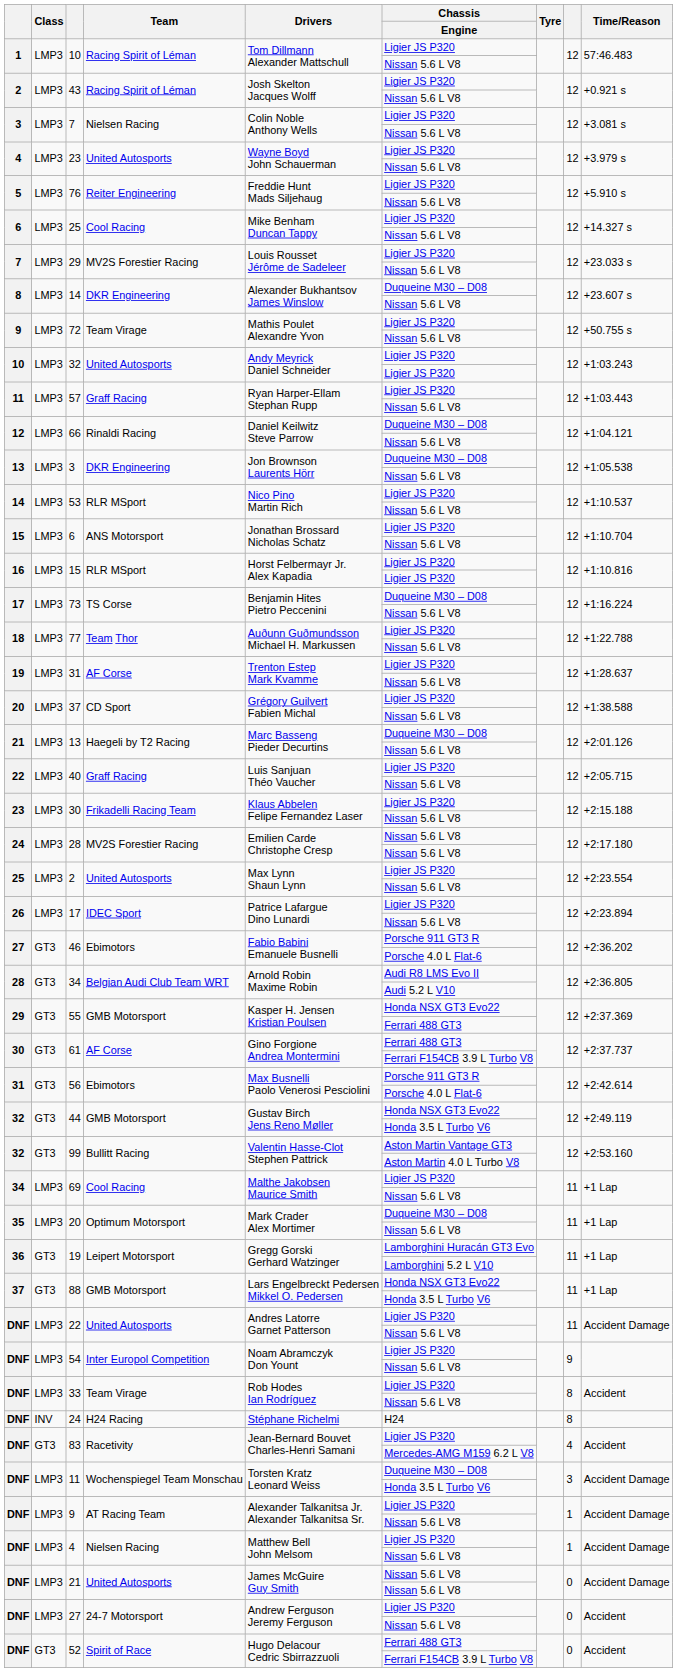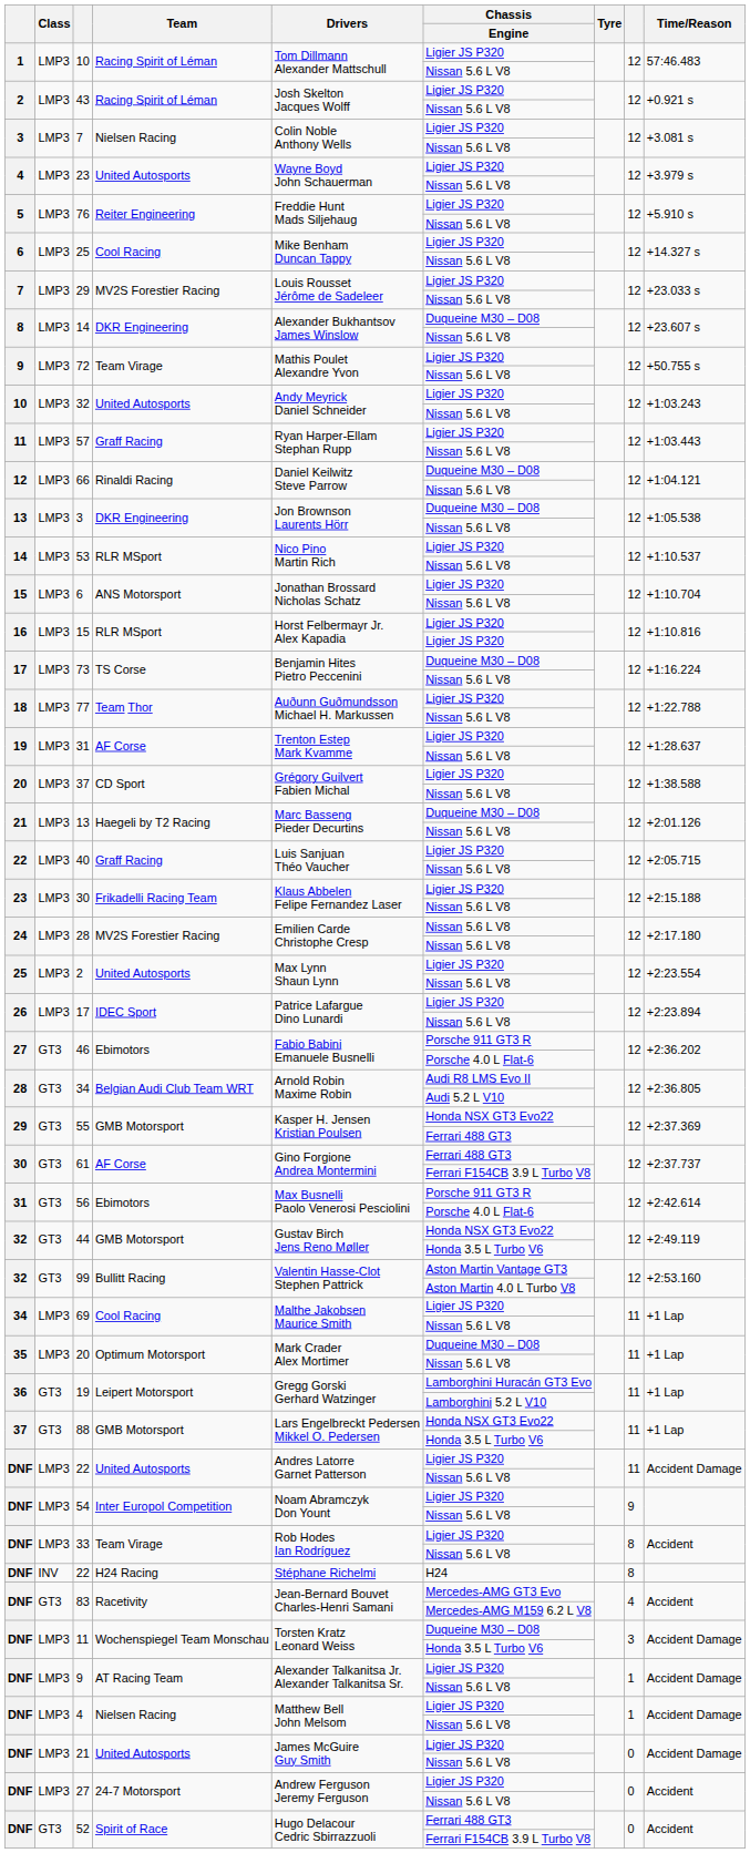 <table class="wikitable" style="font-size: 85%;">
 <tr>
 <th rowspan="2"></th>
 <th rowspan="2">Class</th>
 <th rowspan="2"></th>
 <th rowspan="2">Team</th>
 <th rowspan="2">Drivers</th>
 <th scope="col">Chassis</th>
 <th rowspan="2">Tyre</th>
 <th rowspan="2"></th>
 <th rowspan="2">Time/Reason</th>
 </tr>
 <tr>
 <th scope="col">Engine</th>
 </tr>
 <tr>
 <th rowspan="2">1</th>
 <td rowspan="2">LMP3</td>
 <td rowspan="2">10</td>
 <td rowspan="2"> <a href='#'>Racing Spirit of Léman</a></td>
 <td rowspan="2"> <a href='#'>Tom Dillmann</a><br> Alexander Mattschull</td>
 <td><a href='#'>Ligier JS P320</a></td>
 <td rowspan="2"></td>
 <td rowspan="2">12</td>
 <td rowspan="2">57:46.483</td>
 </tr>
 <tr>
 <td><a href='#'>Nissan</a> 5.6 L V8</td>
 </tr>
 <tr>
 <th rowspan="2">2</th>
 <td rowspan="2">LMP3</td>
 <td rowspan="2">43</td>
 <td rowspan="2"> <a href='#'>Racing Spirit of Léman</a></td>
 <td rowspan="2"> Josh Skelton<br> Jacques Wolff</td>
 <td><a href='#'>Ligier JS P320</a></td>
 <td rowspan="2"></td>
 <td rowspan="2">12</td>
 <td rowspan="2">+0.921 s</td>
 </tr>
 <tr>
 <td><a href='#'>Nissan</a> 5.6 L V8</td>
 </tr>
 <tr>
 <th rowspan="2">3</th>
 <td rowspan="2">LMP3</td>
 <td rowspan="2">7</td>
 <td rowspan="2"> Nielsen Racing</td>
 <td rowspan="2"> Colin Noble<br> Anthony Wells</td>
 <td><a href='#'>Ligier JS P320</a></td>
 <td rowspan="2"></td>
 <td rowspan="2">12</td>
 <td rowspan="2">+3.081 s</td>
 </tr>
 <tr>
 <td><a href='#'>Nissan</a> 5.6 L V8</td>
 </tr>
 <tr>
 <th rowspan="2">4</th>
 <td rowspan="2">LMP3</td>
 <td rowspan="2">23</td>
 <td rowspan="2"> <a href='#'>United Autosports</a></td>
 <td rowspan="2"> <a href='#'>Wayne Boyd</a><br> John Schauerman</td>
 <td><a href='#'>Ligier JS P320</a></td>
 <td rowspan="2"></td>
 <td rowspan="2">12</td>
 <td rowspan="2">+3.979 s</td>
 </tr>
 <tr>
 <td><a href='#'>Nissan</a> 5.6 L V8</td>
 </tr>
 <tr>
 <th rowspan="2">5</th>
 <td rowspan="2">LMP3</td>
 <td rowspan="2">76</td>
 <td rowspan="2"> <a href='#'>Reiter Engineering</a></td>
 <td rowspan="2"> Freddie Hunt<br> Mads Siljehaug</td>
 <td><a href='#'>Ligier JS P320</a></td>
 <td rowspan="2"></td>
 <td rowspan="2">12</td>
 <td rowspan="2">+5.910 s</td>
 </tr>
 <tr>
 <td><a href='#'>Nissan</a> 5.6 L V8</td>
 </tr>
 <tr>
 <th rowspan="2">6</th>
 <td rowspan="2">LMP3</td>
 <td rowspan="2">25</td>
 <td rowspan="2"> <a href='#'>Cool Racing</a></td>
 <td rowspan="2"> Mike Benham<br> <a href='#'>Duncan Tappy</a></td>
 <td><a href='#'>Ligier JS P320</a></td>
 <td rowspan="2"></td>
 <td rowspan="2">12</td>
 <td rowspan="2">+14.327 s</td>
 </tr>
 <tr>
 <td><a href='#'>Nissan</a> 5.6 L V8</td>
 </tr>
 <tr>
 <th rowspan="2">7</th>
 <td rowspan="2">LMP3</td>
 <td rowspan="2">29</td>
 <td rowspan="2"> MV2S Forestier Racing</td>
 <td rowspan="2"> Louis Rousset<br> <a href='#'>Jérôme de Sadeleer</a></td>
 <td><a href='#'>Ligier JS P320</a></td>
 <td rowspan="2"></td>
 <td rowspan="2">12</td>
 <td rowspan="2">+23.033 s</td>
 </tr>
 <tr>
 <td><a href='#'>Nissan</a> 5.6 L V8</td>
 </tr>
 <tr>
 <th rowspan="2">8</th>
 <td rowspan="2">LMP3</td>
 <td rowspan="2">14</td>
 <td rowspan="2"> <a href='#'>DKR Engineering</a></td>
 <td rowspan="2"> Alexander Bukhantsov<br> <a href='#'>James Winslow</a></td>
 <td><a href='#'>Duqueine M30 – D08</a></td>
 <td rowspan="2"></td>
 <td rowspan="2">12</td>
 <td rowspan="2">+23.607 s</td>
 </tr>
 <tr>
 <td><a href='#'>Nissan</a> 5.6 L V8</td>
 </tr>
 <tr>
 <th rowspan="2">9</th>
 <td rowspan="2">LMP3</td>
 <td rowspan="2">72</td>
 <td rowspan="2"> Team Virage</td>
 <td rowspan="2"> Mathis Poulet<br> Alexandre Yvon</td>
 <td><a href='#'>Ligier JS P320</a></td>
 <td rowspan="2"></td>
 <td rowspan="2">12</td>
 <td rowspan="2">+50.755 s</td>
 </tr>
 <tr>
 <td><a href='#'>Nissan</a> 5.6 L V8</td>
 </tr>
 <tr>
 <th rowspan="2">10</th>
 <td rowspan="2">LMP3</td>
 <td rowspan="2">32</td>
 <td rowspan="2"> <a href='#'>United Autosports</a></td>
 <td rowspan="2"> <a href='#'>Andy Meyrick</a><br> Daniel Schneider</td>
 <td><a href='#'>Ligier JS P320</a></td>
 <td rowspan="2"></td>
 <td rowspan="2">12</td>
 <td rowspan="2">+1:03.243</td>
 </tr>
 <tr>
-<td><a href='#'>Ligier JS P320</a></td>
+<td><a href='#'>Nissan</a> 5.6 L V8</td>
 </tr>
 <tr>
 <th rowspan="2">11</th>
 <td rowspan="2">LMP3</td>
 <td rowspan="2">57</td>
 <td rowspan="2"> <a href='#'>Graff Racing</a></td>
 <td rowspan="2"> Ryan Harper-Ellam<br> Stephan Rupp</td>
 <td><a href='#'>Ligier JS P320</a></td>
 <td rowspan="2"></td>
 <td rowspan="2">12</td>
 <td rowspan="2">+1:03.443</td>
 </tr>
 <tr>
 <td><a href='#'>Nissan</a> 5.6 L V8</td>
 </tr>
 <tr>
 <th rowspan="2">12</th>
 <td rowspan="2">LMP3</td>
 <td rowspan="2">66</td>
 <td rowspan="2"> Rinaldi Racing</td>
 <td rowspan="2"> Daniel Keilwitz<br> Steve Parrow</td>
 <td><a href='#'>Duqueine M30 – D08</a></td>
 <td rowspan="2"></td>
 <td rowspan="2">12</td>
 <td rowspan="2">+1:04.121</td>
 </tr>
 <tr>
 <td><a href='#'>Nissan</a> 5.6 L V8</td>
 </tr>
 <tr>
 <th rowspan="2">13</th>
 <td rowspan="2">LMP3</td>
 <td rowspan="2">3</td>
 <td rowspan="2"> <a href='#'>DKR Engineering</a></td>
 <td rowspan="2"> Jon Brownson<br> <a href='#'>Laurents Hörr</a></td>
 <td><a href='#'>Duqueine M30 – D08</a></td>
 <td rowspan="2"></td>
 <td rowspan="2">12</td>
 <td rowspan="2">+1:05.538</td>
 </tr>
 <tr>
 <td><a href='#'>Nissan</a> 5.6 L V8</td>
 </tr>
 <tr>
 <th rowspan="2">14</th>
 <td rowspan="2">LMP3</td>
 <td rowspan="2">53</td>
 <td rowspan="2"> RLR MSport</td>
 <td rowspan="2"> <a href='#'>Nico Pino</a><br> Martin Rich</td>
 <td><a href='#'>Ligier JS P320</a></td>
 <td rowspan="2"></td>
 <td rowspan="2">12</td>
 <td rowspan="2">+1:10.537</td>
 </tr>
 <tr>
 <td><a href='#'>Nissan</a> 5.6 L V8</td>
 </tr>
 <tr>
 <th rowspan="2">15</th>
 <td rowspan="2">LMP3</td>
 <td rowspan="2">6</td>
 <td rowspan="2"> ANS Motorsport</td>
 <td rowspan="2"> Jonathan Brossard<br> Nicholas Schatz</td>
 <td><a href='#'>Ligier JS P320</a></td>
 <td rowspan="2"></td>
 <td rowspan="2">12</td>
 <td rowspan="2">+1:10.704</td>
 </tr>
 <tr>
 <td><a href='#'>Nissan</a> 5.6 L V8</td>
 </tr>
 <tr>
 <th rowspan="2">16</th>
 <td rowspan="2">LMP3</td>
 <td rowspan="2">15</td>
 <td rowspan="2"> RLR MSport</td>
 <td rowspan="2"> Horst Felbermayr Jr.<br> Alex Kapadia</td>
 <td><a href='#'>Ligier JS P320</a></td>
 <td rowspan="2"></td>
 <td rowspan="2">12</td>
 <td rowspan="2">+1:10.816</td>
 </tr>
 <tr>
 <td><a href='#'>Ligier JS P320</a></td>
 </tr>
 <tr>
 <th rowspan="2">17</th>
 <td rowspan="2">LMP3</td>
 <td rowspan="2">73</td>
 <td rowspan="2"> TS Corse</td>
 <td rowspan="2"> Benjamin Hites<br> Pietro Peccenini</td>
 <td><a href='#'>Duqueine M30 – D08</a></td>
 <td rowspan="2"></td>
 <td rowspan="2">12</td>
 <td rowspan="2">+1:16.224</td>
 </tr>
 <tr>
 <td><a href='#'>Nissan</a> 5.6 L V8</td>
 </tr>
 <tr>
 <th rowspan="2">18</th>
 <td rowspan="2">LMP3</td>
 <td rowspan="2">77</td>
 <td rowspan="2"> <a href='#'>Team</a> <a href='#'>Thor</a></td>
 <td rowspan="2"> <a href='#'>Auðunn Guðmundsson</a><br> Michael H. Markussen</td>
 <td><a href='#'>Ligier JS P320</a></td>
 <td rowspan="2"></td>
 <td rowspan="2">12</td>
 <td rowspan="2">+1:22.788</td>
 </tr>
 <tr>
 <td><a href='#'>Nissan</a> 5.6 L V8</td>
 </tr>
 <tr>
 <th rowspan="2">19</th>
 <td rowspan="2">LMP3</td>
 <td rowspan="2">31</td>
 <td rowspan="2"> <a href='#'>AF Corse</a></td>
 <td rowspan="2"> <a href='#'>Trenton Estep</a><br> <a href='#'>Mark Kvamme</a></td>
 <td><a href='#'>Ligier JS P320</a></td>
 <td rowspan="2"></td>
 <td rowspan="2">12</td>
 <td rowspan="2">+1:28.637</td>
 </tr>
 <tr>
 <td><a href='#'>Nissan</a> 5.6 L V8</td>
 </tr>
 <tr>
 <th rowspan="2">20</th>
 <td rowspan="2">LMP3</td>
 <td rowspan="2">37</td>
 <td rowspan="2"> CD Sport</td>
 <td rowspan="2"> <a href='#'>Grégory Guilvert</a><br> Fabien Michal</td>
 <td><a href='#'>Ligier JS P320</a></td>
 <td rowspan="2"></td>
 <td rowspan="2">12</td>
 <td rowspan="2">+1:38.588</td>
 </tr>
 <tr>
 <td><a href='#'>Nissan</a> 5.6 L V8</td>
 </tr>
 <tr>
 <th rowspan="2">21</th>
 <td rowspan="2">LMP3</td>
 <td rowspan="2">13</td>
 <td rowspan="2"> Haegeli by T2 Racing</td>
 <td rowspan="2"> <a href='#'>Marc Basseng</a><br> Pieder Decurtins</td>
 <td><a href='#'>Duqueine M30 – D08</a></td>
 <td rowspan="2"></td>
 <td rowspan="2">12</td>
 <td rowspan="2">+2:01.126</td>
 </tr>
 <tr>
 <td><a href='#'>Nissan</a> 5.6 L V8</td>
 </tr>
 <tr>
 <th rowspan="2">22</th>
 <td rowspan="2">LMP3</td>
 <td rowspan="2">40</td>
 <td rowspan="2"> <a href='#'>Graff Racing</a></td>
 <td rowspan="2"> Luis Sanjuan<br> Théo Vaucher</td>
 <td><a href='#'>Ligier JS P320</a></td>
 <td rowspan="2"></td>
 <td rowspan="2">12</td>
 <td rowspan="2">+2:05.715</td>
 </tr>
 <tr>
 <td><a href='#'>Nissan</a> 5.6 L V8</td>
 </tr>
 <tr>
 <th rowspan="2">23</th>
 <td rowspan="2">LMP3</td>
 <td rowspan="2">30</td>
 <td rowspan="2"> <a href='#'>Frikadelli Racing Team</a></td>
 <td rowspan="2"> <a href='#'>Klaus Abbelen</a><br> Felipe Fernandez Laser</td>
 <td><a href='#'>Ligier JS P320</a></td>
 <td rowspan="2"></td>
 <td rowspan="2">12</td>
 <td rowspan="2">+2:15.188</td>
 </tr>
 <tr>
 <td><a href='#'>Nissan</a> 5.6 L V8</td>
 </tr>
 <tr>
 <th rowspan="2">24</th>
 <td rowspan="2">LMP3</td>
 <td rowspan="2">28</td>
 <td rowspan="2"> MV2S Forestier Racing</td>
 <td rowspan="2"> Emilien Carde<br> Christophe Cresp</td>
 <td><a href='#'>Nissan</a> 5.6 L V8</td>
 <td rowspan="2"></td>
 <td rowspan="2">12</td>
 <td rowspan="2">+2:17.180</td>
 </tr>
 <tr>
 <td><a href='#'>Nissan</a> 5.6 L V8</td>
 </tr>
 <tr>
 <th rowspan="2">25</th>
 <td rowspan="2">LMP3</td>
 <td rowspan="2">2</td>
 <td rowspan="2"> <a href='#'>United Autosports</a></td>
 <td rowspan="2"> Max Lynn<br> Shaun Lynn</td>
 <td><a href='#'>Ligier JS P320</a></td>
 <td rowspan="2"></td>
 <td rowspan="2">12</td>
 <td rowspan="2">+2:23.554</td>
 </tr>
 <tr>
 <td><a href='#'>Nissan</a> 5.6 L V8</td>
 </tr>
 <tr>
 <th rowspan="2">26</th>
 <td rowspan="2">LMP3</td>
 <td rowspan="2">17</td>
 <td rowspan="2"> <a href='#'>IDEC Sport</a></td>
 <td rowspan="2"> Patrice Lafargue<br> Dino Lunardi</td>
 <td><a href='#'>Ligier JS P320</a></td>
 <td rowspan="2"></td>
 <td rowspan="2">12</td>
 <td rowspan="2">+2:23.894</td>
 </tr>
 <tr>
 <td><a href='#'>Nissan</a> 5.6 L V8</td>
 </tr>
 <tr>
 <th rowspan="2">27</th>
 <td rowspan="2">GT3</td>
 <td rowspan="2">46</td>
 <td rowspan="2"> Ebimotors</td>
 <td rowspan="2"> <a href='#'>Fabio Babini</a><br> Emanuele Busnelli</td>
 <td><a href='#'>Porsche 911 GT3 R</a></td>
 <td rowspan="2"></td>
 <td rowspan="2">12</td>
 <td rowspan="2">+2:36.202</td>
 </tr>
 <tr>
 <td><a href='#'>Porsche</a> 4.0 L <a href='#'>Flat-6</a></td>
 </tr>
 <tr>
 <th rowspan="2">28</th>
 <td rowspan="2">GT3</td>
 <td rowspan="2">34</td>
 <td rowspan="2"> <a href='#'>Belgian Audi Club Team WRT</a></td>
 <td rowspan="2"> Arnold Robin<br> Maxime Robin</td>
 <td><a href='#'>Audi R8 LMS Evo II</a></td>
 <td rowspan="2"></td>
 <td rowspan="2">12</td>
 <td rowspan="2">+2:36.805</td>
 </tr>
 <tr>
 <td><a href='#'>Audi</a> 5.2 L <a href='#'>V10</a></td>
 </tr>
 <tr>
 <th rowspan="2">29</th>
 <td rowspan="2">GT3</td>
 <td rowspan="2">55</td>
 <td rowspan="2"> GMB Motorsport</td>
 <td rowspan="2"> Kasper H. Jensen<br> <a href='#'>Kristian Poulsen</a></td>
 <td><a href='#'>Honda NSX GT3 Evo22</a></td>
 <td rowspan="2"></td>
 <td rowspan="2">12</td>
 <td rowspan="2">+2:37.369</td>
 </tr>
 <tr>
 <td><a href='#'>Ferrari 488 GT3</a></td>
 </tr>
 <tr>
 <th rowspan="2">30</th>
 <td rowspan="2">GT3</td>
 <td rowspan="2">61</td>
 <td rowspan="2"> <a href='#'>AF Corse</a></td>
 <td rowspan="2"> Gino Forgione<br> <a href='#'>Andrea Montermini</a></td>
 <td><a href='#'>Ferrari 488 GT3</a></td>
 <td rowspan="2"></td>
 <td rowspan="2">12</td>
 <td rowspan="2">+2:37.737</td>
 </tr>
 <tr>
 <td><a href='#'>Ferrari F154CB</a> 3.9 L <a href='#'>Turbo</a> <a href='#'>V8</a></td>
 </tr>
 <tr>
 <th rowspan="2">31</th>
 <td rowspan="2">GT3</td>
 <td rowspan="2">56</td>
 <td rowspan="2"> Ebimotors</td>
 <td rowspan="2"> <a href='#'>Max Busnelli</a><br> Paolo Venerosi Pesciolini</td>
 <td><a href='#'>Porsche 911 GT3 R</a></td>
 <td rowspan="2"></td>
 <td rowspan="2">12</td>
 <td rowspan="2">+2:42.614</td>
 </tr>
 <tr>
 <td><a href='#'>Porsche</a> 4.0 L <a href='#'>Flat-6</a></td>
 </tr>
 <tr>
 <th rowspan="2">32</th>
 <td rowspan="2">GT3</td>
 <td rowspan="2">44</td>
 <td rowspan="2"> GMB Motorsport</td>
 <td rowspan="2"> Gustav Birch<br> <a href='#'>Jens Reno Møller</a></td>
 <td><a href='#'>Honda NSX GT3 Evo22</a></td>
 <td rowspan="2"></td>
 <td rowspan="2">12</td>
 <td rowspan="2">+2:49.119</td>
 </tr>
 <tr>
 <td><a href='#'>Honda</a> 3.5 L <a href='#'>Turbo</a> <a href='#'>V6</a></td>
 </tr>
 <tr>
 <th rowspan="2">32</th>
 <td rowspan="2">GT3</td>
 <td rowspan="2">99</td>
 <td rowspan="2"> Bullitt Racing</td>
 <td rowspan="2"> <a href='#'>Valentin Hasse-Clot</a><br> Stephen Pattrick</td>
 <td><a href='#'>Aston Martin Vantage GT3</a></td>
 <td rowspan="2"></td>
 <td rowspan="2">12</td>
 <td rowspan="2">+2:53.160</td>
 </tr>
 <tr>
 <td><a href='#'>Aston Martin</a> 4.0 L Turbo <a href='#'>V8</a></td>
 </tr>
 <tr>
 <th rowspan="2">34</th>
 <td rowspan="2">LMP3</td>
 <td rowspan="2">69</td>
 <td rowspan="2"> <a href='#'>Cool Racing</a></td>
 <td rowspan="2"> <a href='#'>Malthe Jakobsen</a><br> <a href='#'>Maurice Smith</a></td>
 <td><a href='#'>Ligier JS P320</a></td>
 <td rowspan="2"></td>
 <td rowspan="2">11</td>
 <td rowspan="2">+1 Lap</td>
 </tr>
 <tr>
 <td><a href='#'>Nissan</a> 5.6 L V8</td>
 </tr>
 <tr>
 <th rowspan="2">35</th>
 <td rowspan="2">LMP3</td>
 <td rowspan="2">20</td>
 <td rowspan="2"> Optimum Motorsport</td>
 <td rowspan="2"> Mark Crader<br> Alex Mortimer</td>
 <td><a href='#'>Duqueine M30 – D08</a></td>
 <td rowspan="2"></td>
 <td rowspan="2">11</td>
 <td rowspan="2">+1 Lap</td>
 </tr>
 <tr>
 <td><a href='#'>Nissan</a> 5.6 L V8</td>
 </tr>
 <tr>
 <th rowspan="2">36</th>
 <td rowspan="2">GT3</td>
 <td rowspan="2">19</td>
 <td rowspan="2"> Leipert Motorsport</td>
 <td rowspan="2"> Gregg Gorski<br> Gerhard Watzinger</td>
 <td><a href='#'>Lamborghini Huracán GT3 Evo</a></td>
 <td rowspan="2"></td>
 <td rowspan="2">11</td>
 <td rowspan="2">+1 Lap</td>
 </tr>
 <tr>
 <td><a href='#'>Lamborghini</a> 5.2 L <a href='#'>V10</a></td>
 </tr>
 <tr>
 <th rowspan="2">37</th>
 <td rowspan="2">GT3</td>
 <td rowspan="2">88</td>
 <td rowspan="2"> GMB Motorsport</td>
 <td rowspan="2"> Lars Engelbreckt Pedersen<br> <a href='#'>Mikkel O. Pedersen</a></td>
 <td><a href='#'>Honda NSX GT3 Evo22</a></td>
 <td rowspan="2"></td>
 <td rowspan="2">11</td>
 <td rowspan="2">+1 Lap</td>
 </tr>
 <tr>
 <td><a href='#'>Honda</a> 3.5 L <a href='#'>Turbo</a> <a href='#'>V6</a></td>
 </tr>
 <tr>
 <th rowspan="2">DNF</th>
 <td rowspan="2">LMP3</td>
 <td rowspan="2">22</td>
 <td rowspan="2"> <a href='#'>United Autosports</a></td>
 <td rowspan="2"> Andres Latorre<br> Garnet Patterson</td>
 <td><a href='#'>Ligier JS P320</a></td>
 <td rowspan="2"></td>
 <td rowspan="2">11</td>
 <td rowspan="2">Accident Damage</td>
 </tr>
 <tr>
 <td><a href='#'>Nissan</a> 5.6 L V8</td>
 </tr>
 <tr>
 <th rowspan="2">DNF</th>
 <td rowspan="2">LMP3</td>
 <td rowspan="2">54</td>
 <td rowspan="2"> <a href='#'>Inter Europol Competition</a></td>
 <td rowspan="2"> Noam Abramczyk<br> Don Yount</td>
 <td><a href='#'>Ligier JS P320</a></td>
 <td rowspan="2"></td>
 <td rowspan="2">9</td>
 <td rowspan="2"></td>
 </tr>
 <tr>
 <td><a href='#'>Nissan</a> 5.6 L V8</td>
 </tr>
 <tr>
 <th rowspan="2">DNF</th>
 <td rowspan="2">LMP3</td>
 <td rowspan="2">33</td>
 <td rowspan="2"> Team Virage</td>
 <td rowspan="2"> Rob Hodes<br> <a href='#'>Ian Rodríguez</a></td>
 <td><a href='#'>Ligier JS P320</a></td>
 <td rowspan="2"></td>
 <td rowspan="2">8</td>
 <td rowspan="2">Accident</td>
 </tr>
 <tr>
 <td><a href='#'>Nissan</a> 5.6 L V8</td>
 </tr>
 <tr>
 <th>DNF</th>
 <td>INV</td>
-<td>24</td>
+<td>22</td>
 <td> H24 Racing</td>
 <td> <a href='#'>Stéphane Richelmi</a></td>
 <td>H24</td>
 <td></td>
 <td>8</td>
 <td></td>
 </tr>
 <tr>
 <th rowspan="2">DNF</th>
 <td rowspan="2">GT3</td>
 <td rowspan="2">83</td>
 <td rowspan="2"> Racetivity</td>
 <td rowspan="2"> Jean-Bernard Bouvet<br> Charles-Henri Samani</td>
-<td><a href='#'>Ligier JS P320</a></td>
+<td><a href='#'>Mercedes-AMG GT3 Evo</a></td>
 <td rowspan="2"></td>
 <td rowspan="2">4</td>
 <td rowspan="2">Accident</td>
 </tr>
 <tr>
 <td><a href='#'>Mercedes-AMG M159</a> 6.2 L <a href='#'>V8</a></td>
 </tr>
 <tr>
 <th rowspan="2">DNF</th>
 <td rowspan="2">LMP3</td>
 <td rowspan="2">11</td>
 <td rowspan="2"> Wochenspiegel Team Monschau</td>
 <td rowspan="2"> Torsten Kratz<br> Leonard Weiss</td>
 <td><a href='#'>Duqueine M30 – D08</a></td>
 <td rowspan="2"></td>
 <td rowspan="2">3</td>
 <td rowspan="2">Accident Damage</td>
 </tr>
 <tr>
 <td><a href='#'>Honda</a> 3.5 L <a href='#'>Turbo</a> <a href='#'>V6</a></td>
 </tr>
 <tr>
 <th rowspan="2">DNF</th>
 <td rowspan="2">LMP3</td>
 <td rowspan="2">9</td>
 <td rowspan="2"> AT Racing Team</td>
 <td rowspan="2"> Alexander Talkanitsa Jr.<br> Alexander Talkanitsa Sr.</td>
 <td><a href='#'>Ligier JS P320</a></td>
 <td rowspan="2"></td>
 <td rowspan="2">1</td>
 <td rowspan="2">Accident Damage</td>
 </tr>
 <tr>
 <td><a href='#'>Nissan</a> 5.6 L V8</td>
 </tr>
 <tr>
 <th rowspan="2">DNF</th>
 <td rowspan="2">LMP3</td>
 <td rowspan="2">4</td>
 <td rowspan="2"> Nielsen Racing</td>
 <td rowspan="2"> Matthew Bell<br> John Melsom</td>
 <td><a href='#'>Ligier JS P320</a></td>
 <td rowspan="2"></td>
 <td rowspan="2">1</td>
 <td rowspan="2">Accident Damage</td>
 </tr>
 <tr>
 <td><a href='#'>Nissan</a> 5.6 L V8</td>
 </tr>
 <tr>
 <th rowspan="2">DNF</th>
 <td rowspan="2">LMP3</td>
 <td rowspan="2">21</td>
 <td rowspan="2"> <a href='#'>United Autosports</a></td>
 <td rowspan="2"> James McGuire<br> <a href='#'>Guy Smith</a></td>
-<td><a href='#'>Nissan</a> 5.6 L V8</td>
+<td><a href='#'>Ligier JS P320</a></td>
 <td rowspan="2"></td>
 <td rowspan="2">0</td>
 <td rowspan="2">Accident Damage</td>
 </tr>
 <tr>
 <td><a href='#'>Nissan</a> 5.6 L V8</td>
 </tr>
 <tr>
 <th rowspan="2">DNF</th>
 <td rowspan="2">LMP3</td>
 <td rowspan="2">27</td>
 <td rowspan="2"> 24-7 Motorsport</td>
 <td rowspan="2"> Andrew Ferguson<br> Jeremy Ferguson</td>
 <td><a href='#'>Ligier JS P320</a></td>
 <td rowspan="2"></td>
 <td rowspan="2">0</td>
 <td rowspan="2">Accident</td>
 </tr>
 <tr>
 <td><a href='#'>Nissan</a> 5.6 L V8</td>
 </tr>
 <tr>
 <th rowspan="2">DNF</th>
 <td rowspan="2">GT3</td>
 <td rowspan="2">52</td>
 <td rowspan="2"> <a href='#'>Spirit of Race</a></td>
 <td rowspan="2"> Hugo Delacour<br> Cedric Sbirrazzuoli</td>
 <td><a href='#'>Ferrari 488 GT3</a></td>
 <td rowspan="2"></td>
 <td rowspan="2">0</td>
 <td rowspan="2">Accident</td>
 </tr>
 <tr>
 <td><a href='#'>Ferrari F154CB</a> 3.9 L <a href='#'>Turbo</a> <a href='#'>V8</a></td>
 </tr>
 </table>
